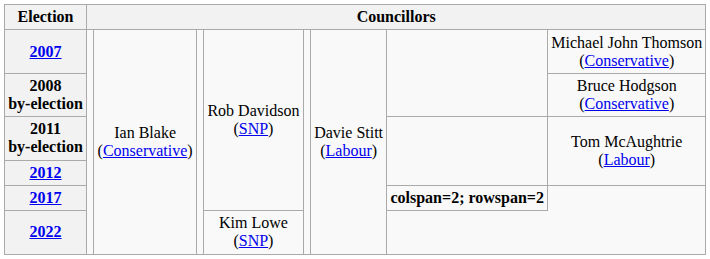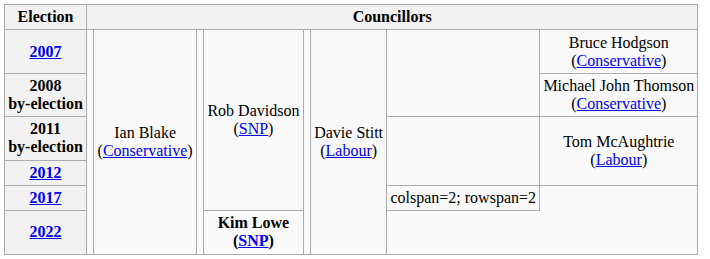 <table class="wikitable" style="text-align:center">
 <tr>
 <th>Election</th>
 <th colspan=8>Councillors</th>
 </tr>
 <tr>
 <th><a href='#'>2007</a></th>
 <td rowspan=6; style="background-color: "></td>
 <td rowspan=6>Ian Blake<br>(<a href='#'>Conservative</a>)</td>
 <td rowspan=6; style="background-color: "></td>
 <td rowspan=5>Rob Davidson<br>(<a href='#'>SNP</a>)</td>
 <td rowspan=6; style="background-color: "></td>
 <td rowspan=6>Davie Stitt<br>(<a href='#'>Labour</a>)</td>
 <td rowspan=2; style="background-color: "></td>
-<td rowspan=1>Michael John Thomson<br>(<a href='#'>Conservative</a>)</td>
+<td rowspan=1>Bruce Hodgson<br>(<a href='#'>Conservative</a>)</td>
 </tr>
 <tr>
 <th>2008<br>by-election</th>
-<td rowspan=1>Bruce Hodgson<br>(<a href='#'>Conservative</a>)</td>
+<td rowspan=1>Michael John Thomson<br>(<a href='#'>Conservative</a>)</td>
 </tr>
 <tr>
 <th>2011<br>by-election</th>
 <td rowspan=2; style="background-color: "></td>
 <td rowspan=2>Tom McAughtrie<br>(<a href='#'>Labour</a>)</td>
 </tr>
 <tr>
 <th><a href='#'>2012</a></th>
 </tr>
 <tr>
 <th><a href='#'>2017</a></th>
-<td><strong>colspan=2; rowspan=2 </strong></td>
+<td>colspan=2; rowspan=2 </td>
 </tr>
 <tr>
 <th><a href='#'>2022</a></th>
-<td rowspan=1>Kim Lowe<br>(<a href='#'>SNP</a>)</td>
+<td rowspan=1><strong>Kim Lowe<br>(<a href='#'>SNP</a>)</strong></td>
 </tr>
 </table>
